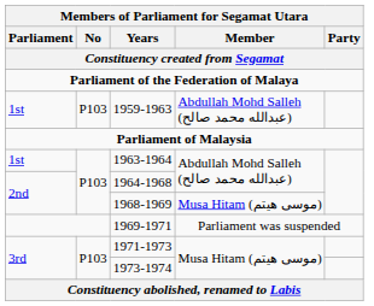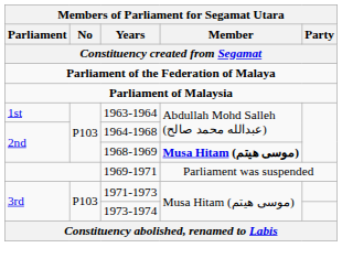 <table class="wikitable">
 <tr>
 <th colspan="5">Members of Parliament for Segamat Utara</th>
 </tr>
 <tr>
 <th>Parliament</th>
 <th>No</th>
 <th>Years</th>
 <th>Member</th>
 <th>Party</th>
 </tr>
 <tr>
 <th colspan="5" align="center"><em>Constituency created from <a href='#'>Segamat</a></em></th>
 </tr>
 <tr>
 <td colspan="5" align="center"><strong>Parliament of the Federation of Malaya</strong></td>
 </tr>
 <tr>
-<td><a href='#'>1st</a></td>
-<td>P103</td>
-<td>1959-1963</td>
-<td><a href='#'>Abdullah Mohd Salleh</a> <br> (عبدالله محمد صالح)</td>
-<td></td>
-</tr>
-<tr>
 <td colspan="5" align="center"><strong>Parliament of Malaysia</strong></td>
 </tr>
 <tr>
 <td><a href='#'>1st</a></td>
 <td rowspan="3">P103</td>
 <td>1963-1964</td>
 <td rowspan="2">Abdullah Mohd Salleh  <br>(عبدالله محمد صالح)</td>
 <td rowspan="3"></td>
 </tr>
 <tr>
 <td rowspan="2"><a href='#'>2nd</a></td>
 <td>1964-1968</td>
 </tr>
 <tr>
 <td>1968-1969</td>
-<td><a href='#'>Musa Hitam</a> (موسى هيتم‎)</td>
+<td><strong><a href='#'>Musa Hitam</a> (موسى هيتم‎)</strong></td>
 </tr>
 <tr>
 <td colspan="2"></td>
 <td>1969-1971</td>
 <td colspan="2" align="center">Parliament was suspended</td>
 </tr>
 <tr>
 <td rowspan="2"><a href='#'>3rd</a></td>
 <td rowspan="2">P103</td>
 <td>1971-1973</td>
 <td rowspan="2">Musa Hitam (موسى هيتم‎)</td>
 <td></td>
 </tr>
 <tr>
 <td>1973-1974</td>
 <td></td>
 </tr>
 <tr>
 <th colspan="5" align="center"><em>Constituency abolished, renamed to <a href='#'>Labis</a></em></th>
 </tr>
 </table>
